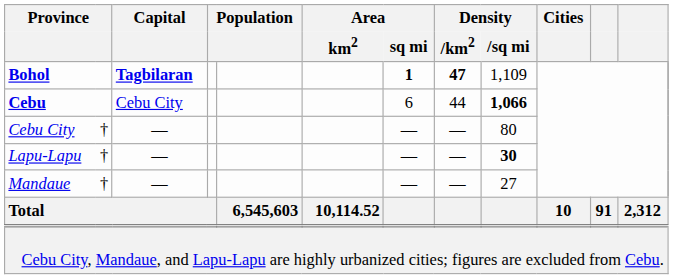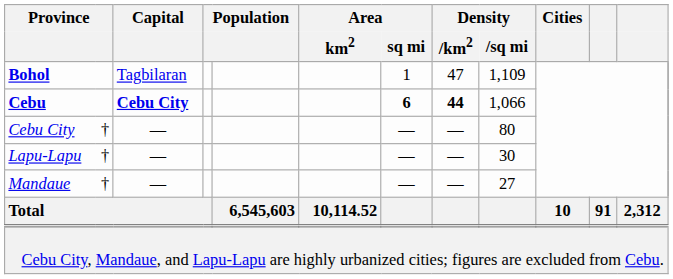 <table class="wikitable sortable" style="text-align:center;font-size:90%;background-color:#FDFDFD;border:1pt solid grey;">
 <tr>
 <th scope="col" style="border-bottom:none;" colspan=2 class="unsortable">Province </th>
 <th scope="col" style="border-bottom:none;" class="unsortable">Capital</th>
 <th scope="col" style="border-bottom:none;white-space:nowrap;" class="unsortable" colspan=2>Population </th>
 <th scope="col" style="border-bottom:none;" colspan=2>Area</th>
 <th scope="col" style="border-bottom:none;" colspan=2>Density</th>
 <th scope="col" style="border-bottom:none;" class="unsortable">Cities</th>
 <th scope="col" style="border-bottom:none;" class="unsortable"></th>
 <th scope="col" style="border-bottom:none;" class="unsortable"></th>
 </tr>
 <tr>
 <th scope="col" style="border-top:none;" colspan=2></th>
 <th scope="col" style="border-top:none;"></th>
 <th scope="col" style="border-top:none;" colspan=2></th>
 <th scope="col" style="border-style:none none solid solid;">km<sup>2</sup></th>
 <th scope="col" style="border-style:none solid solid none;white-space:nowrap;" class="unsortable">sq mi</th>
 <th scope="col" style="border-style:none none solid solid;">/km<sup>2</sup></th>
 <th scope="col" style="border-style:none solid solid none;white-space:nowrap;" class="unsortable">/sq mi</th>
 <th scope="col" style="border-top:none;"></th>
 <th scope="col" style="border-top:none;"></th>
 <th scope="col" style="border-top:none;"></th>
 </tr>
 <tr>
 <th scope="row" style="text-align:left;background-color:initial;" colspan=2><a href='#'>Bohol</a></th>
-<td style="text-align:left;"><strong><a href='#'>Tagbilaran</a></strong></td>
+<td style="text-align:left;"><a href='#'>Tagbilaran</a></td>
 <td></td>
 <td></td>
 <td></td>
-<td><strong>1</strong></td>
-<td><strong>47</strong></td>
+<td>1</td>
+<td>47</td>
 <td>1,109</td>
 </tr>
 <tr>
 <th scope="row" style="text-align:left;background-color:initial;" colspan=2><a href='#'>Cebu</a></th>
-<td style="text-align:left;"><a href='#'>Cebu City</a></td>
+<td style="text-align:left;"><strong><a href='#'>Cebu City</a></strong></td>
 <td></td>
 <td></td>
 <td></td>
-<td>6</td>
-<td>44</td>
-<td><strong>1,066</strong></td>
+<td><strong>6</strong></td>
+<td><strong>44</strong></td>
+<td>1,066</td>
 </tr>
 <tr>
 <th scope="row" style="text-align:left;background-color:initial;border-right:0;font-weight:normal;font-style:italic;"><a href='#'>Cebu City</a></th>
 <td style="text-align:right;border-left:0;">†</td>
 <td>—</td>
 <td></td>
 <td></td>
 <td></td>
 <td>—</td>
 <td>—</td>
 <td>80</td>
 </tr>
 <tr>
 <th scope="row" style="text-align:left;background-color:initial;border-right:0;font-weight:normal;font-style:italic;"><a href='#'>Lapu-Lapu</a></th>
 <td style="text-align:right;border-left:0;">†</td>
 <td>—</td>
 <td></td>
 <td></td>
 <td></td>
 <td>—</td>
 <td>—</td>
-<td><strong>30</strong></td>
+<td>30</td>
 </tr>
 <tr>
 <th scope="row" style="text-align:left;background-color:initial;border-right:0;font-weight:normal;font-style:italic;"><a href='#'>Mandaue</a></th>
 <td style="text-align:right;border-left:0;">†</td>
 <td>—</td>
 <td></td>
 <td></td>
 <td></td>
 <td>—</td>
 <td>—</td>
 <td>27</td>
 </tr>
 <tr class="sortbottom">
 <th scope="row" colspan=4 style="text-align:left;">Total</th>
 <th scope="col" style="text-align:right;">6,545,603</th>
 <th scope="col" style="text-align:right;">10,114.52</th>
 <th scope="col" style="text-align:right;"></th>
 <th scope="col" style="text-align:right;"></th>
 <th scope="col" style="text-align:right;"></th>
 <th scope="col">10</th>
 <th scope="col">91</th>
 <th scope="col">2,312</th>
 </tr>
 <tr class="sortbottom" style="text-align:left;background-color:#F2F2F2;border-top:double grey;">
 <td colspan=13 style="padding-left:1em;"><br> <a href='#'>Cebu City</a>, <a href='#'>Mandaue</a>, and <a href='#'>Lapu-Lapu</a> are highly urbanized cities; figures are excluded from <a href='#'>Cebu</a>.</td>
 </tr>
 </table>
